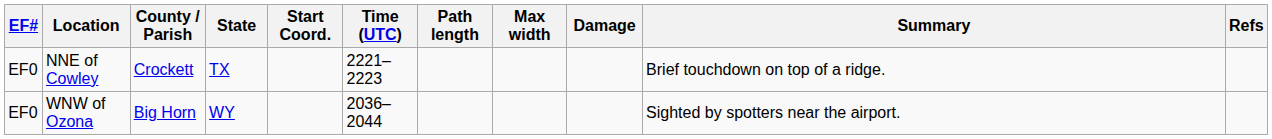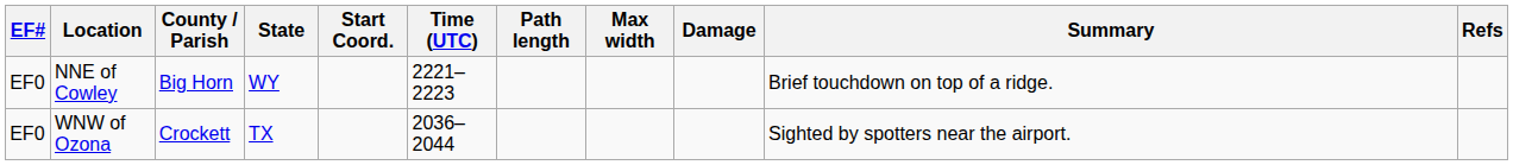 <table class="wikitable sortable" style="width:100%;">
 <tr>
 <th scope="col" width="3%" align="center"><a href='#'>EF#</a></th>
 <th scope="col" width="7%" align="center" class="unsortable">Location</th>
 <th scope="col" width="6%" align="center" class="unsortable">County / Parish</th>
 <th scope="col" width="5%" align="center">State</th>
 <th scope="col" width="6%" class="unsortable" align="center">Start Coord.</th>
 <th scope="col" width="6%" align="center">Time (<a href='#'>UTC</a>)</th>
 <th scope="col" width="6%" align="center">Path length</th>
 <th scope="col" width="6%" align="center">Max width</th>
 <th scope="col" width="6%" align="center">Damage</th>
 <th scope="col" width="48%" class="unsortable" align="center">Summary</th>
 <th scope="col" width="48%" class="unsortable" align="center">Refs</th>
 </tr>
 <tr>
 <td>EF0</td>
 <td>NNE of <a href='#'>Cowley</a></td>
-<td><a href='#'>Crockett</a></td>
-<td><a href='#'>TX</a></td>
+<td><a href='#'>Big Horn</a></td>
+<td><a href='#'>WY</a></td>
 <td></td>
 <td>2221–2223</td>
 <td></td>
 <td></td>
 <td></td>
 <td>Brief touchdown on top of a ridge.</td>
 <td></td>
 </tr>
 <tr>
 <td>EF0</td>
 <td>WNW of <a href='#'>Ozona</a></td>
-<td><a href='#'>Big Horn</a></td>
-<td><a href='#'>WY</a></td>
+<td><a href='#'>Crockett</a></td>
+<td><a href='#'>TX</a></td>
 <td></td>
 <td>2036–2044</td>
 <td></td>
 <td></td>
 <td></td>
 <td>Sighted by spotters near the airport.</td>
 <td></td>
 </tr>
 <tr>
 </tr>
 </table>
